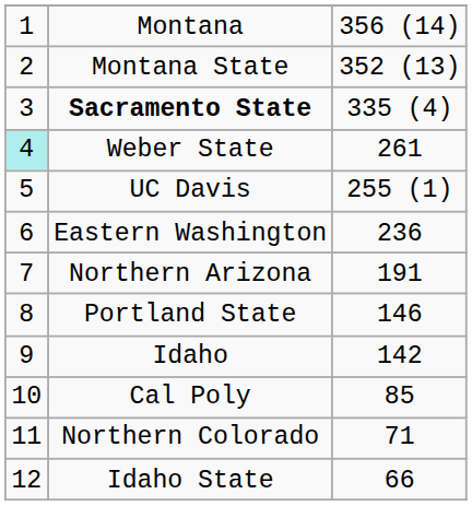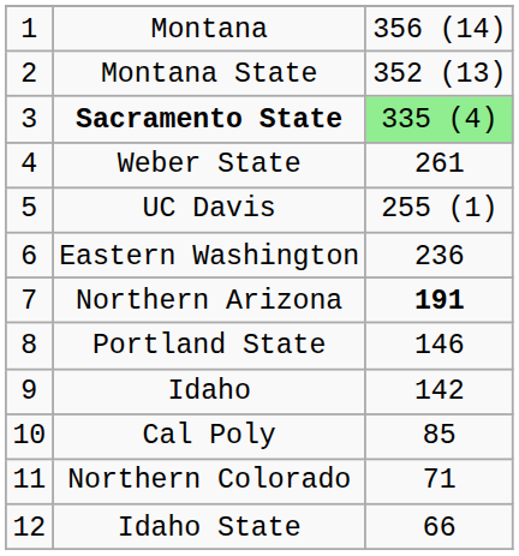 <table class="wikitable" style="display: inline-table;">
 <tr align="center">
 </tr>
 <tr align="center">
 <td>1</td>
 <td>Montana</td>
 <td>356 (14)</td>
 </tr>
 <tr align="center">
 <td>2</td>
 <td>Montana State</td>
 <td>352 (13)</td>
 </tr>
 <tr align="center">
 <td>3</td>
 <td><strong>Sacramento State</strong></td>
-<td>335 (4)</td>
+<td style="background: lightgreen;">335 (4)</td>
 </tr>
 <tr align="center">
-<td style="background: paleturquoise;">4</td>
+<td>4</td>
 <td>Weber State</td>
 <td>261</td>
 </tr>
 <tr align="center">
 <td>5</td>
 <td>UC Davis</td>
 <td>255 (1)</td>
 </tr>
 <tr align="center">
 <td>6</td>
 <td>Eastern Washington</td>
 <td>236</td>
 </tr>
 <tr align="center">
 <td>7</td>
 <td>Northern Arizona</td>
-<td>191</td>
+<td><strong>191</strong></td>
 </tr>
 <tr align="center">
 <td>8</td>
 <td>Portland State</td>
 <td>146</td>
 </tr>
 <tr align="center">
 <td>9</td>
 <td>Idaho</td>
 <td>142</td>
 </tr>
 <tr align="center">
 <td>10</td>
 <td>Cal Poly</td>
 <td>85</td>
 </tr>
 <tr align="center">
 <td>11</td>
 <td>Northern Colorado</td>
 <td>71</td>
 </tr>
 <tr align="center">
 <td>12</td>
 <td>Idaho State</td>
 <td>66</td>
 </tr>
 </table>
